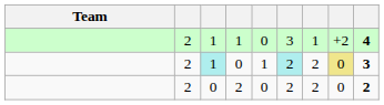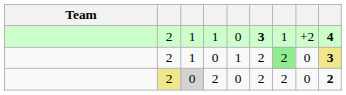 <table class="wikitable" style="text-align:center;">
 <tr>
 <th width="175">Team</th>
 <th width="20"></th>
 <th width="20"></th>
 <th width="20"></th>
 <th width="20"></th>
 <th width="20"></th>
 <th width="20"></th>
 <th width="20"></th>
 <th width="20"></th>
 </tr>
 <tr bgcolor=#ccffcc>
 <td style="text-align:left;"></td>
 <td>2</td>
 <td>1</td>
 <td>1</td>
 <td>0</td>
-<td>3</td>
+<td><strong>3</strong></td>
 <td>1</td>
 <td>+2</td>
 <td><strong>4</strong></td>
 </tr>
 <tr>
 <td style="text-align:left;"></td>
 <td>2</td>
-<td style="background: paleturquoise;">1</td>
+<td>1</td>
 <td>0</td>
 <td>1</td>
-<td style="background: paleturquoise;">2</td>
 <td>2</td>
-<td style="background: khaki;">0</td>
-<td><strong>3</strong></td>
+<td style="background: lightgreen;">2</td>
+<td>0</td>
+<td style="background: khaki;"><strong>3</strong></td>
 </tr>
 <tr>
 <td style="text-align:left;"></td>
-<td>2</td>
-<td>0</td>
+<td style="background: khaki;">2</td>
+<td style="background: lightgrey;">0</td>
 <td>2</td>
 <td>0</td>
 <td>2</td>
 <td>2</td>
 <td>0</td>
 <td><strong>2</strong></td>
 </tr>
 </table>
